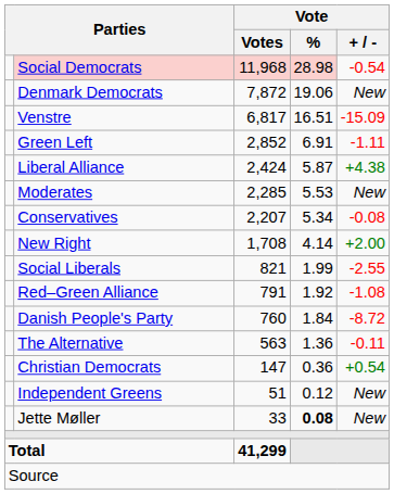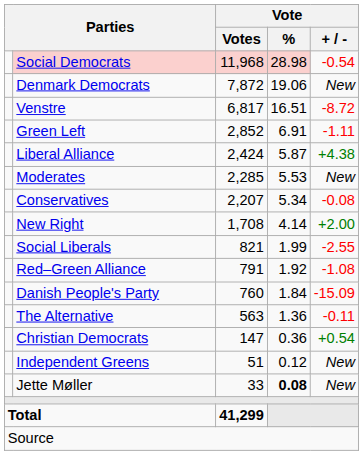 <table class="wikitable" style="text-align:right;">
 <tr>
 <th style="text-align:centre;" rowspan="2" colspan="2" width="225">Parties</th>
 <th colspan="3">Vote</th>
 </tr>
 <tr>
 <th width="15">Votes</th>
 <th width="15">%</th>
 <th width="15">+ / -</th>
 </tr>
 <tr>
 <td width="2" style="color:inherit;background:"></td>
 <td bgcolor=#fbd0ce  align="left"><a href='#'>Social Democrats</a></td>
 <td bgcolor=#fbd0ce>11,968</td>
 <td bgcolor=#fbd0ce>28.98</td>
 <td style=color:red;>-0.54</td>
 </tr>
 <tr>
 <td width="2" style="color:inherit;background:"></td>
 <td align="left"><a href='#'>Denmark Democrats</a></td>
 <td>7,872</td>
 <td>19.06</td>
 <td><em>New</em></td>
 </tr>
 <tr>
 <td width="2" style="color:inherit;background:"></td>
 <td align="left"><a href='#'>Venstre</a></td>
 <td>6,817</td>
 <td>16.51</td>
-<td style=color:red;>-15.09</td>
+<td style=color:red;>-8.72</td>
 </tr>
 <tr>
 <td width="2" style="color:inherit;background:"></td>
 <td align="left"><a href='#'>Green Left</a></td>
 <td>2,852</td>
 <td>6.91</td>
 <td style=color:red;>-1.11</td>
 </tr>
 <tr>
 <td width="2" style="color:inherit;background:"></td>
 <td align="left"><a href='#'>Liberal Alliance</a></td>
 <td>2,424</td>
 <td>5.87</td>
 <td style=color:green;>+4.38</td>
 </tr>
 <tr>
 <td width="2" style="color:inherit;background:"></td>
 <td align="left"><a href='#'>Moderates</a></td>
 <td>2,285</td>
 <td>5.53</td>
 <td><em>New</em></td>
 </tr>
 <tr>
 <td width="2" style="color:inherit;background:"></td>
 <td align="left"><a href='#'>Conservatives</a></td>
 <td>2,207</td>
 <td>5.34</td>
 <td style=color:red;>-0.08</td>
 </tr>
 <tr>
 <td width="2" style="color:inherit;background:"></td>
 <td align="left"><a href='#'>New Right</a></td>
 <td>1,708</td>
 <td>4.14</td>
 <td style=color:green;>+2.00</td>
 </tr>
 <tr>
 <td width="2" style="color:inherit;background:"></td>
 <td align="left"><a href='#'>Social Liberals</a></td>
 <td>821</td>
 <td>1.99</td>
 <td style=color:red;>-2.55</td>
 </tr>
 <tr>
 <td width="2" style="color:inherit;background:"></td>
 <td align="left"><a href='#'>Red–Green Alliance</a></td>
 <td>791</td>
 <td>1.92</td>
 <td style=color:red;>-1.08</td>
 </tr>
 <tr>
 <td width="2" style="color:inherit;background:"></td>
 <td align="left"><a href='#'>Danish People's Party</a></td>
 <td>760</td>
 <td>1.84</td>
-<td style=color:red;>-8.72</td>
+<td style=color:red;>-15.09</td>
 </tr>
 <tr>
 <td width="2" style="color:inherit;background:"></td>
 <td align="left"><a href='#'>The Alternative</a></td>
 <td>563</td>
 <td>1.36</td>
 <td style=color:red;>-0.11</td>
 </tr>
 <tr>
 <td width="2" style="color:inherit;background:"></td>
 <td align="left"><a href='#'>Christian Democrats</a></td>
 <td>147</td>
 <td>0.36</td>
 <td style=color:green;>+0.54</td>
 </tr>
 <tr>
 <td width="2" style="color:inherit;background:"></td>
 <td align="left"><a href='#'>Independent Greens</a></td>
 <td>51</td>
 <td>0.12</td>
 <td><em>New</em></td>
 </tr>
 <tr>
 <td width="2" style="color:inherit;background:"></td>
 <td align="left">Jette Møller</td>
 <td>33</td>
 <td><strong>0.08</strong></td>
 <td><em>New</em></td>
 </tr>
 <tr>
 <td colspan="7" bgcolor="#E9E9E9"></td>
 </tr>
 <tr>
 <td align="left" colspan="2"><strong>Total</strong></td>
 <td><strong>41,299</strong></td>
 <td bgcolor="#E9E9E9" colspan="2"></td>
 </tr>
 <tr>
 <td align="left" colspan="6">Source</td>
 </tr>
 </table>
